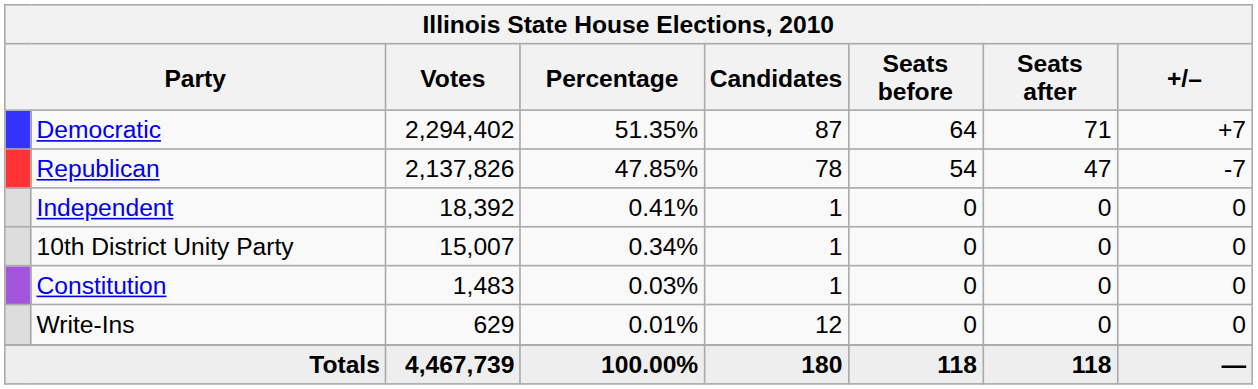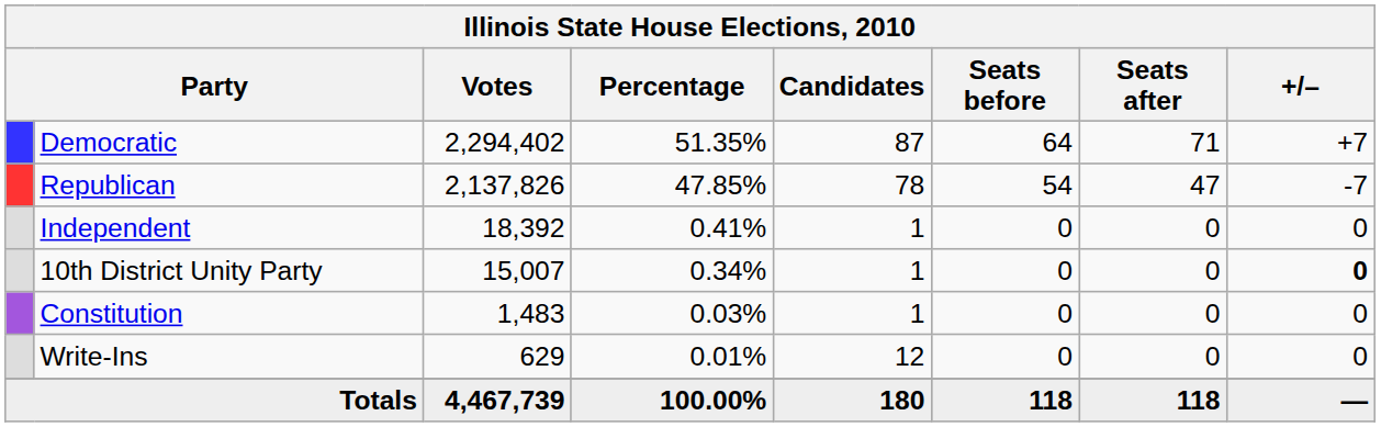 <table class="wikitable" style="font-size: 95%;">
 <tr style="background-color:#E9E9E9">
 <th colspan="8">Illinois State House Elections, 2010</th>
 </tr>
 <tr bgcolor="#EEEEEE" align="center">
 <th colspan=2 style="width: 15em">Party</th>
 <th style="width: 5em">Votes</th>
 <th style="width: 7em">Percentage</th>
 <th style="width: 5em">Candidates</th>
 <th style="width: 5em">Seats<br>before</th>
 <th style="width: 5em">Seats<br>after</th>
 <th style="width: 5em">+/–</th>
 </tr>
 <tr>
 <th style="background-color:#3333FF; width: 3px"></th>
 <td style="width: 130px"><a href='#'>Democratic</a></td>
 <td align="right">2,294,402</td>
 <td align="right">51.35%</td>
 <td align="right">87</td>
 <td align="right">64</td>
 <td align="right">71</td>
 <td align="right">+7</td>
 </tr>
 <tr>
 <th style="background-color:#FF3333; width: 3px"></th>
 <td style="width: 130px"><a href='#'>Republican</a></td>
 <td align="right">2,137,826</td>
 <td align="right">47.85%</td>
 <td align="right">78</td>
 <td align="right">54</td>
 <td align="right">47</td>
 <td align="right">-7</td>
 </tr>
 <tr>
 <th style="background-color:#DDDDDD; width: 3px"></th>
 <td style="width: 130px"><a href='#'>Independent</a></td>
 <td align="right">18,392</td>
 <td align="right">0.41%</td>
 <td align="right">1</td>
 <td align="right">0</td>
 <td align="right">0</td>
 <td align="right">0</td>
 </tr>
 <tr>
 <th style="background-color:#DDDDDD; width: 3px"></th>
 <td style="width: 130px">10th District Unity Party</td>
 <td align="right">15,007</td>
 <td align="right">0.34%</td>
 <td align="right">1</td>
 <td align="right">0</td>
 <td align="right">0</td>
-<td align="right">0</td>
+<td align="right"><strong>0</strong></td>
 </tr>
 <tr>
 <th style="background-color:#A356DD; width: 3px"></th>
 <td style="width: 130px"><a href='#'>Constitution</a></td>
 <td align="right">1,483</td>
 <td align="right">0.03%</td>
 <td align="right">1</td>
 <td align="right">0</td>
 <td align="right">0</td>
 <td align="right">0</td>
 </tr>
 <tr>
 <th style="background-color:#DDDDDD; width: 3px"></th>
 <td style="width: 130px">Write-Ins</td>
 <td align="right">629</td>
 <td align="right">0.01%</td>
 <td align="right">12</td>
 <td align="right">0</td>
 <td align="right">0</td>
 <td align="right">0</td>
 </tr>
 <tr>
 </tr>
 <tr bgcolor="#EEEEEE">
 <td colspan="2" align="right"><strong>Totals</strong></td>
 <td align="right"><strong>4,467,739</strong></td>
 <td align="right"><strong>100.00%</strong></td>
 <td align="right"><strong>180</strong></td>
 <td align="right"><strong>118</strong></td>
 <td align="right"><strong>118</strong></td>
 <td align="right"><strong>—</strong></td>
 </tr>
 </table>
